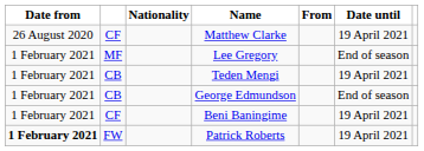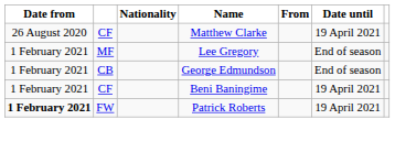 <table class="wikitable" style="text-align:center;">
 <tr>
 <th style="color:#000000; background:#ffffff; ">Date from</th>
 <th style="color:#000000; background:#ffffff; "></th>
 <th style="color:#000000; background:#ffffff; ">Nationality</th>
 <th style="color:#000000; background:#ffffff; ">Name</th>
 <th style="color:#000000; background:#ffffff; ">From</th>
 <th style="color:#000000; background:#ffffff; ">Date until</th>
 <th style="color:#000000; background:#ffffff; "></th>
 </tr>
 <tr>
 <td>26 August 2020</td>
 <td><a href='#'>CF</a></td>
 <td></td>
 <td><a href='#'>Matthew Clarke</a></td>
 <td></td>
 <td>19 April 2021</td>
 <td></td>
 </tr>
 <tr>
 <td>1 February 2021</td>
 <td><a href='#'>MF</a></td>
 <td></td>
 <td><a href='#'>Lee Gregory</a></td>
 <td></td>
 <td>End of season</td>
 <td></td>
 </tr>
 <tr>
 <td>1 February 2021</td>
 <td><a href='#'>CB</a></td>
 <td></td>
-<td><a href='#'>Teden Mengi</a></td>
-<td></td>
-<td>19 April 2021</td>
-<td></td>
-</tr>
-<tr>
-<td>1 February 2021</td>
-<td><a href='#'>CB</a></td>
-<td></td>
 <td><a href='#'>George Edmundson</a></td>
 <td></td>
 <td>End of season</td>
 <td></td>
 </tr>
 <tr>
 <td>1 February 2021</td>
 <td><a href='#'>CF</a></td>
 <td></td>
 <td><a href='#'>Beni Baningime</a></td>
 <td></td>
 <td>19 April 2021</td>
 <td></td>
 </tr>
 <tr>
 <td><strong>1 February 2021</strong></td>
 <td><a href='#'>FW</a></td>
 <td></td>
 <td><a href='#'>Patrick Roberts</a></td>
 <td></td>
 <td>19 April 2021</td>
 <td></td>
 </tr>
 </table>
